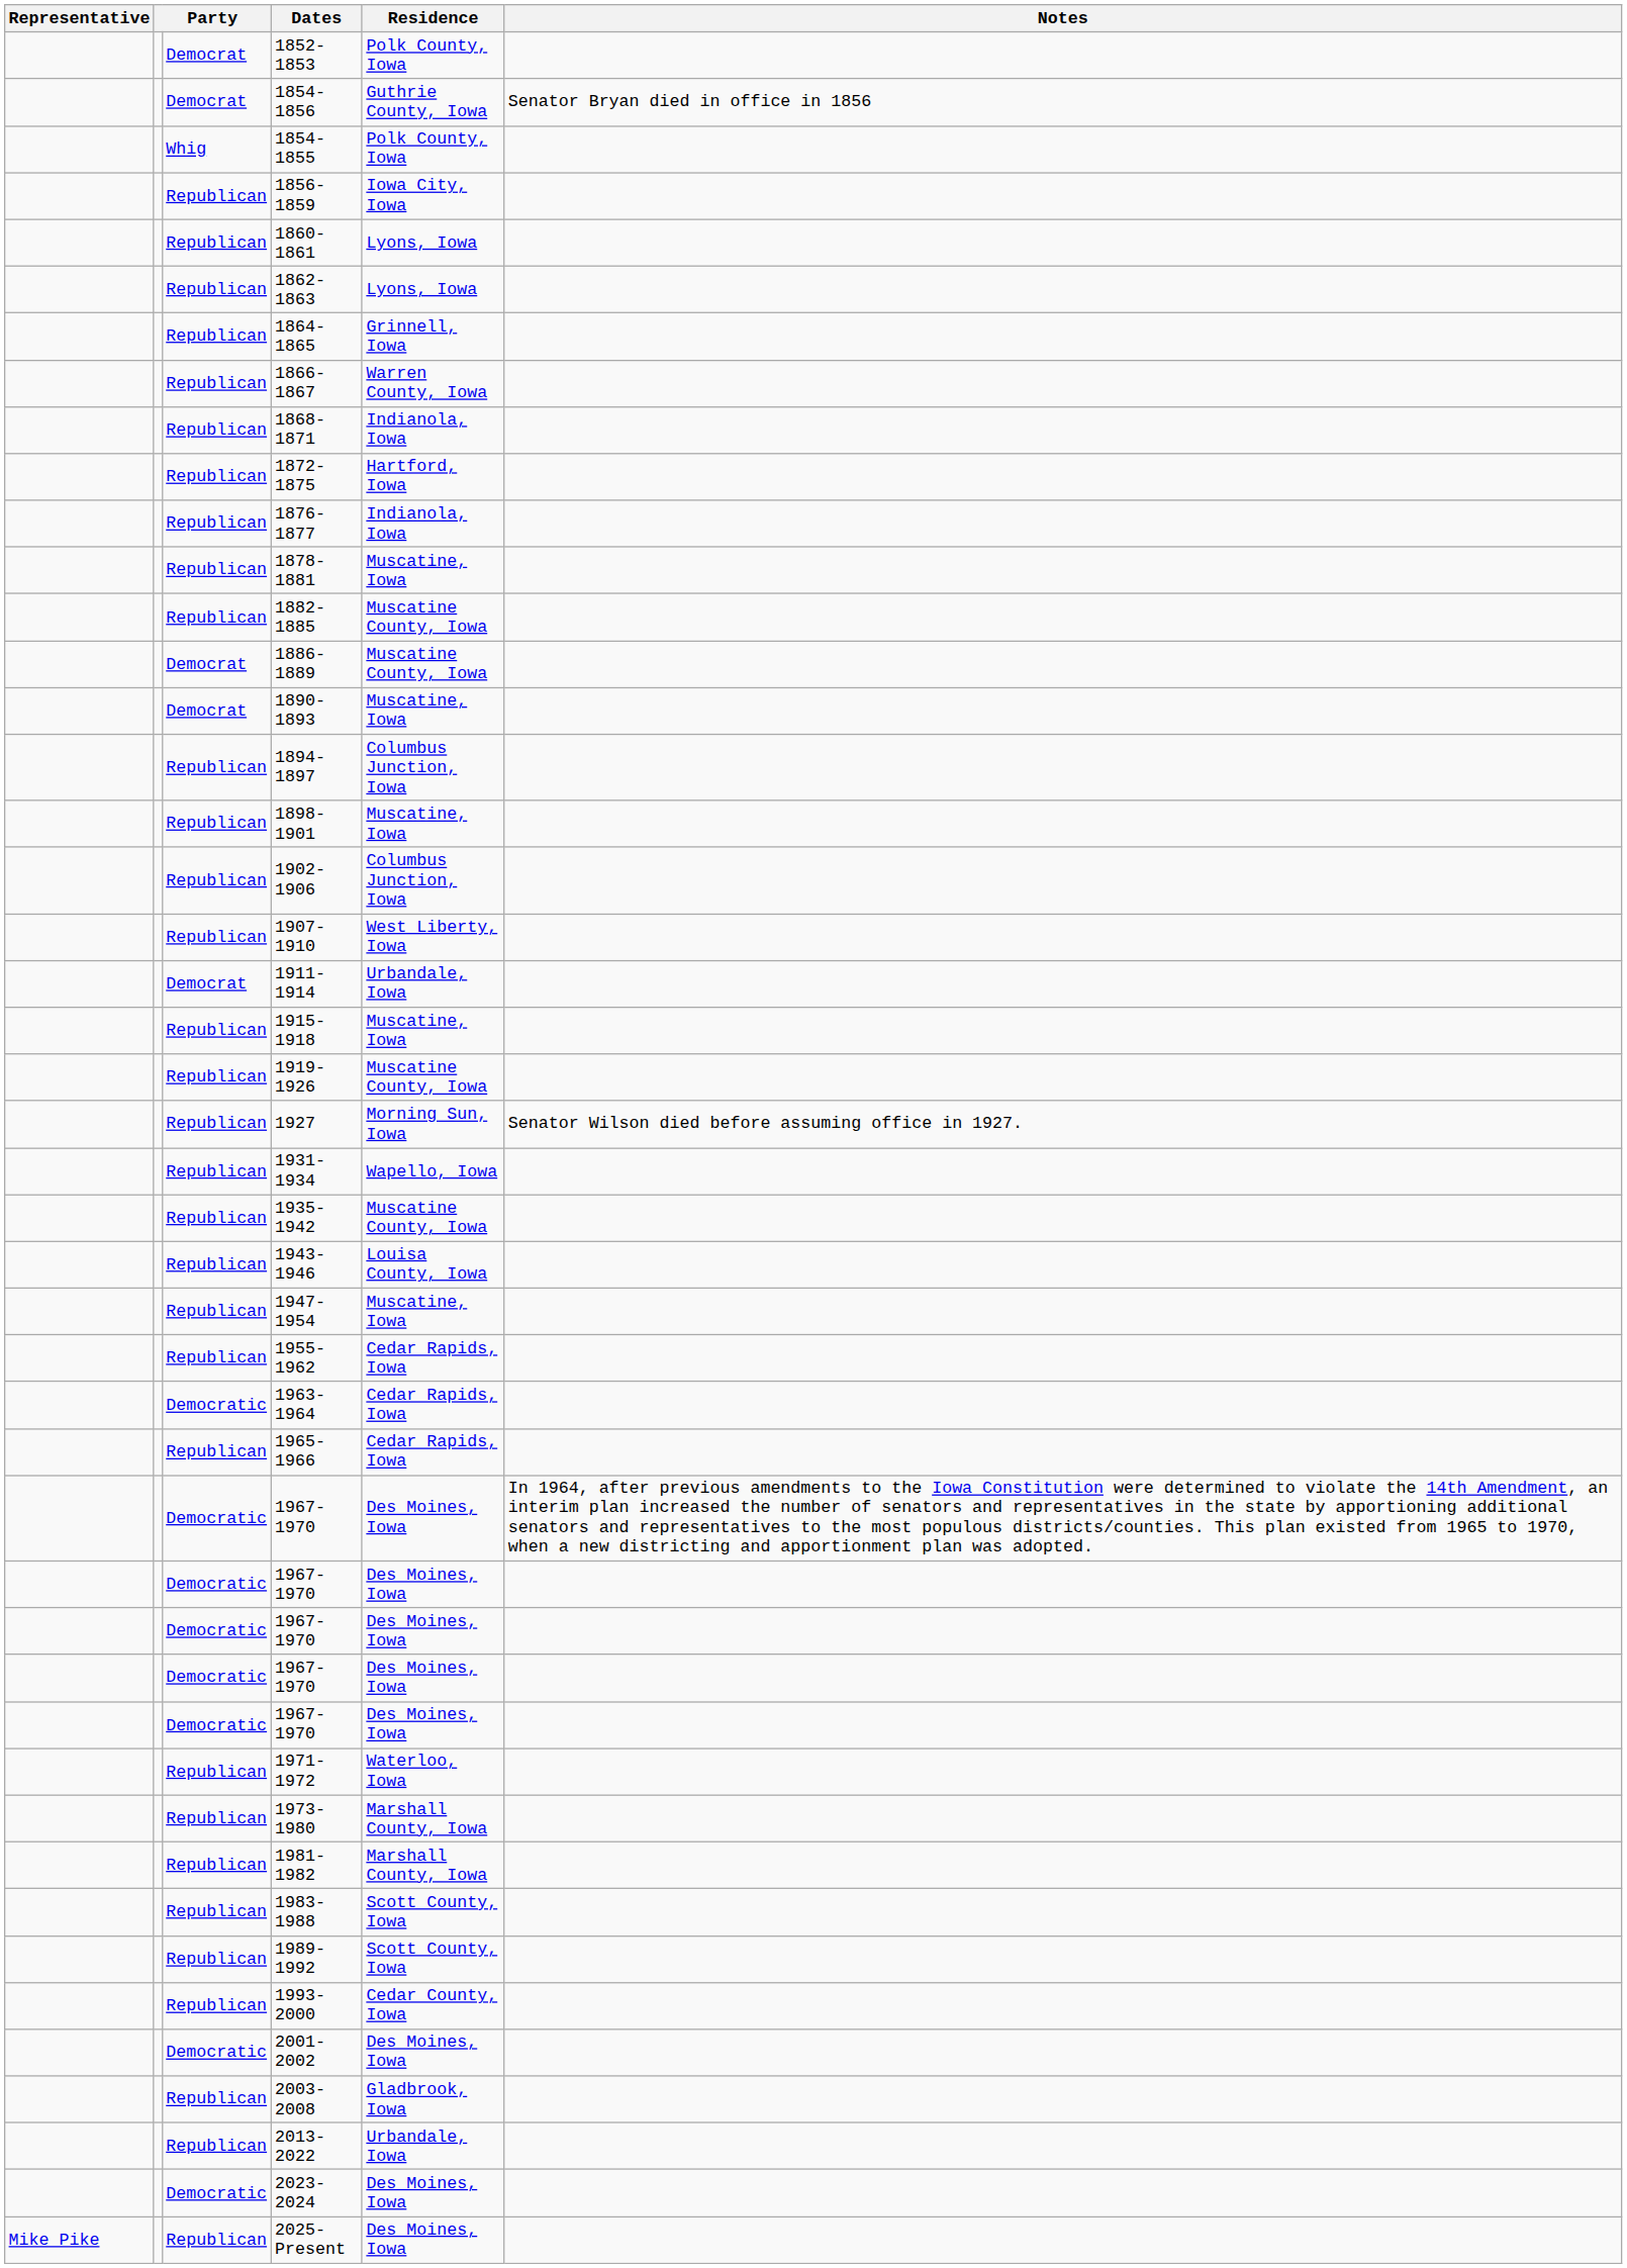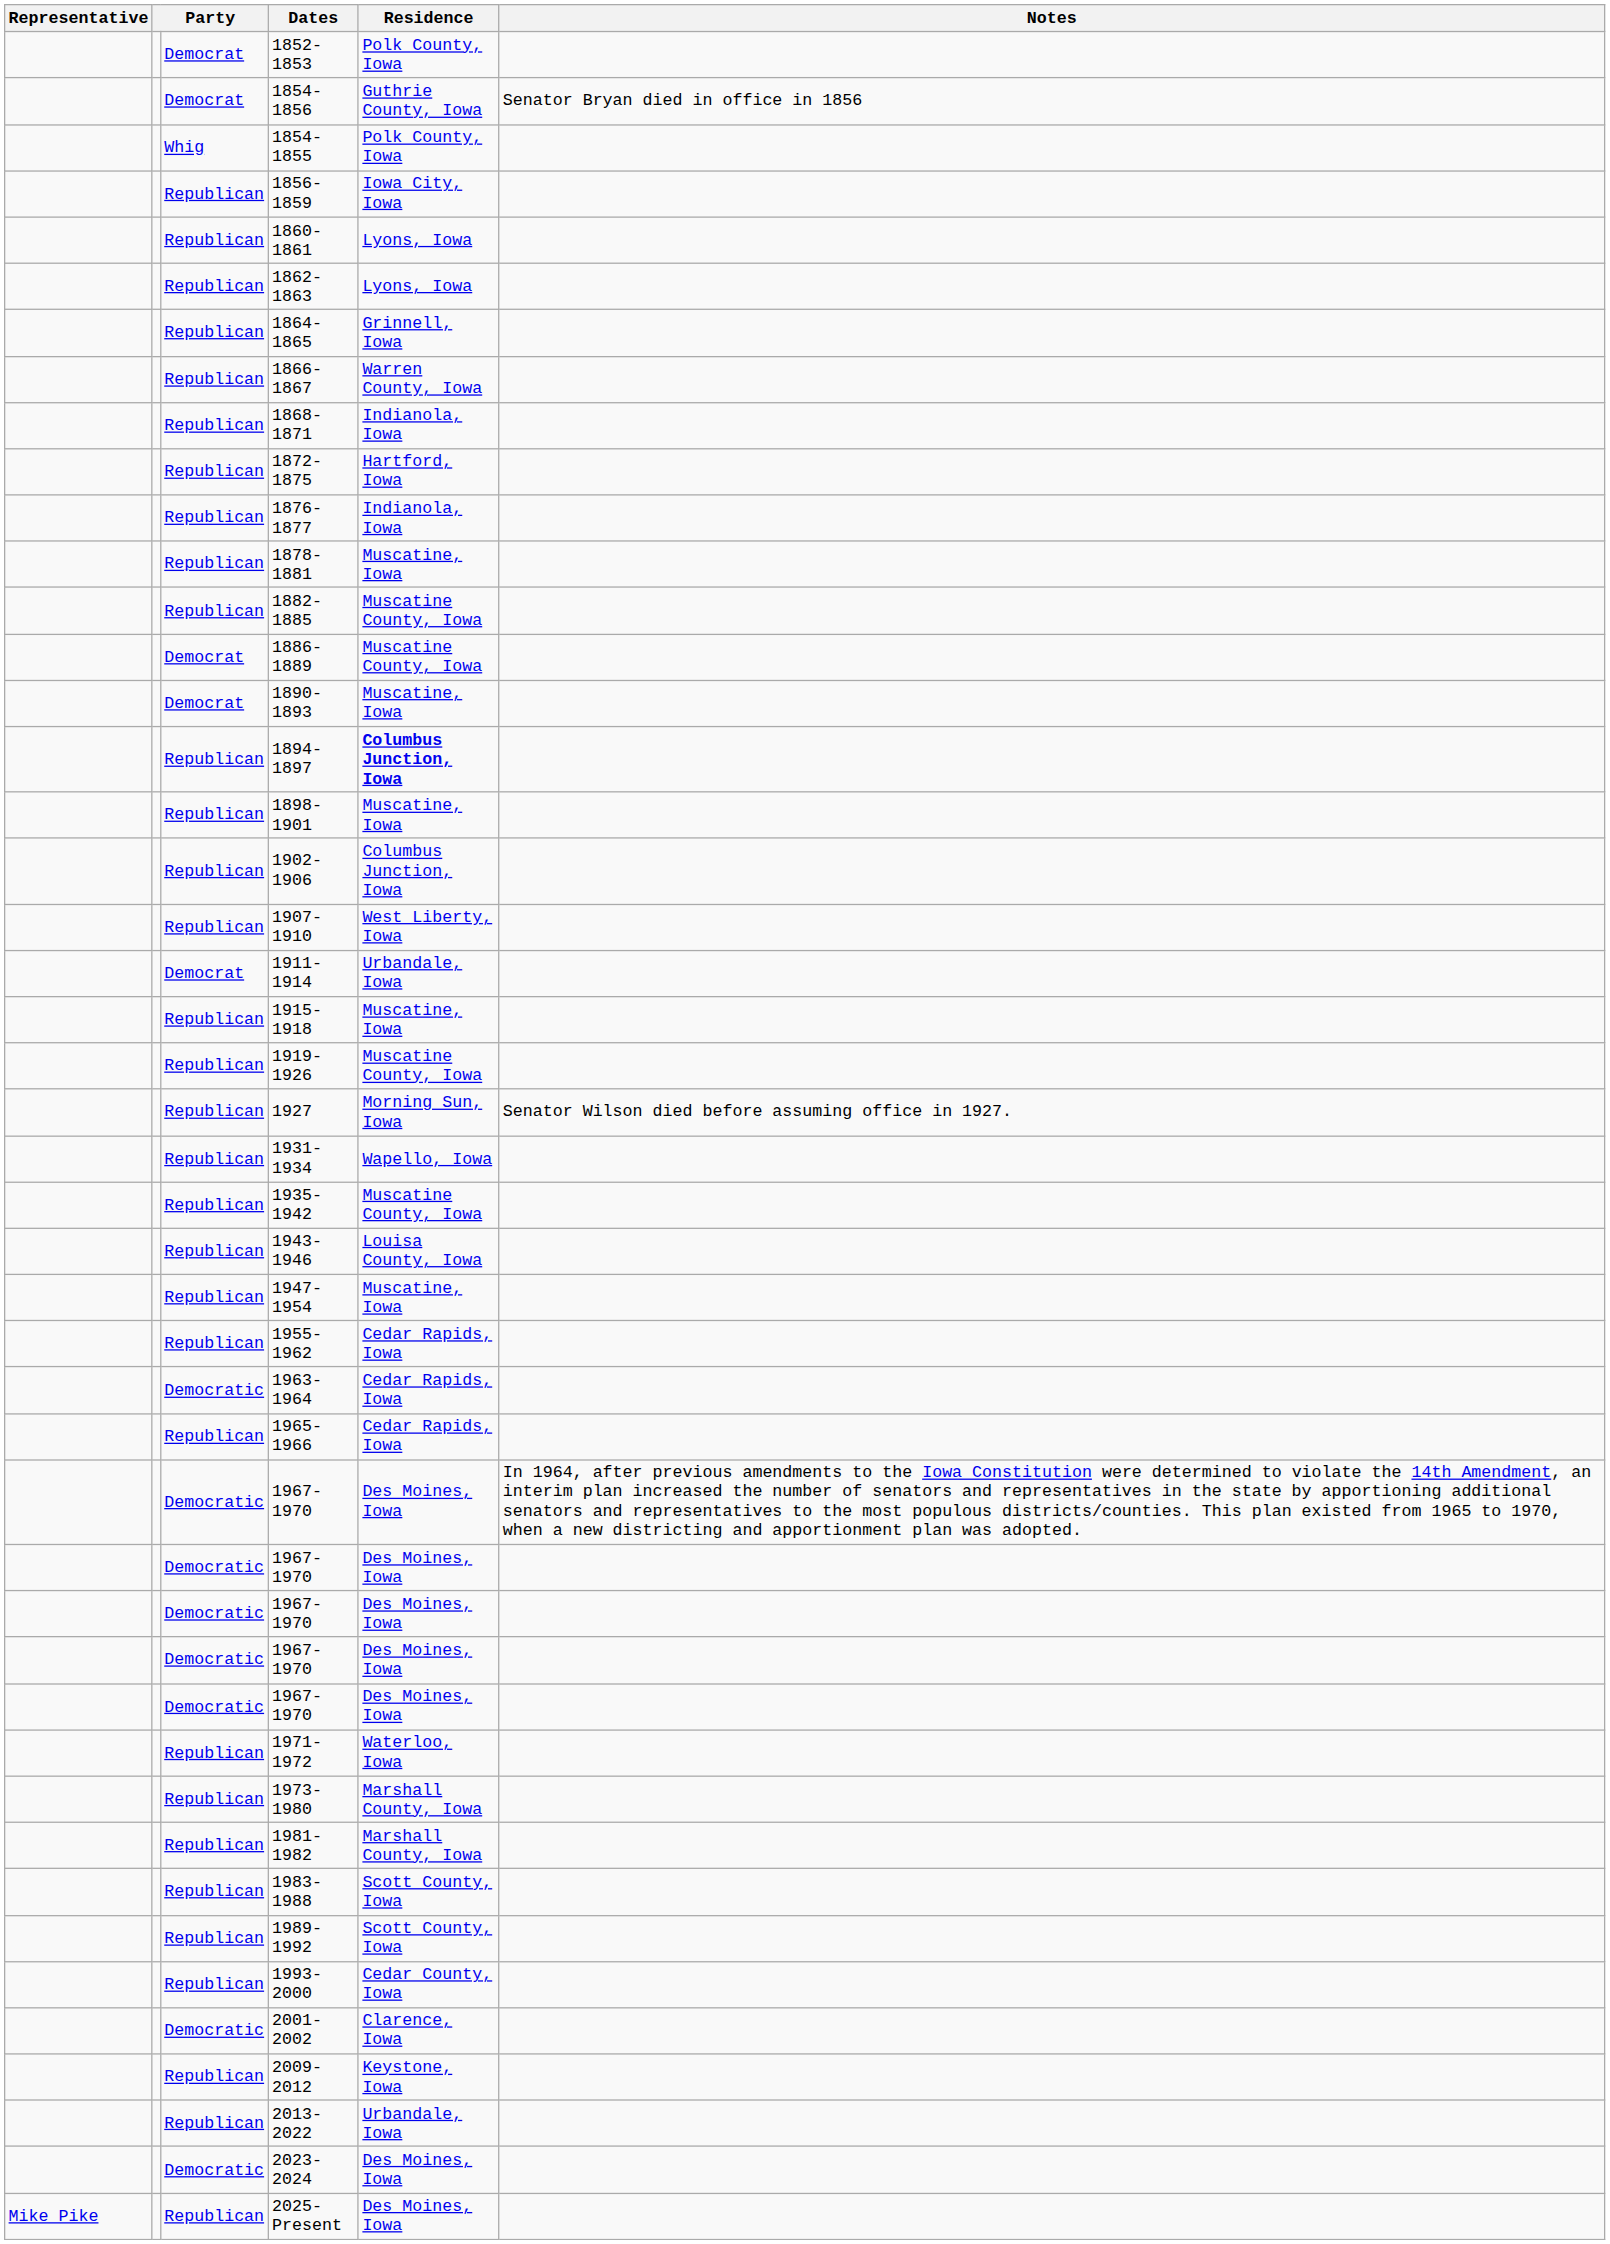 <table class="sortable wikitable">
 <tr valign=bottom>
 <th>Representative</th>
 <th colspan="2">Party</th>
 <th>Dates</th>
 <th>Residence</th>
 <th>Notes</th>
 </tr>
 <tr>
 <td></td>
 <td bgcolor=></td>
 <td><a href='#'>Democrat</a></td>
 <td>1852-1853</td>
 <td><a href='#'>Polk County, Iowa</a></td>
 <td></td>
 </tr>
 <tr>
 <td></td>
 <td bgcolor=></td>
 <td><a href='#'>Democrat</a></td>
 <td>1854-1856</td>
 <td><a href='#'>Guthrie County, Iowa</a></td>
 <td>Senator Bryan died in office in 1856</td>
 </tr>
 <tr>
 <td></td>
 <td bgcolor=></td>
 <td><a href='#'>Whig</a></td>
 <td>1854-1855</td>
 <td><a href='#'>Polk County, Iowa</a></td>
 <td></td>
 </tr>
 <tr>
 <td></td>
 <td bgcolor=></td>
 <td><a href='#'>Republican</a></td>
 <td>1856-1859</td>
 <td><a href='#'>Iowa City, Iowa</a></td>
 <td></td>
 </tr>
 <tr>
 <td></td>
 <td bgcolor=></td>
 <td><a href='#'>Republican</a></td>
 <td>1860-1861</td>
 <td><a href='#'>Lyons, Iowa</a></td>
 <td></td>
 </tr>
 <tr>
 <td></td>
 <td bgcolor=></td>
 <td><a href='#'>Republican</a></td>
 <td>1862-1863</td>
 <td><a href='#'>Lyons, Iowa</a></td>
 <td></td>
 </tr>
 <tr>
 <td></td>
 <td bgcolor=></td>
 <td><a href='#'>Republican</a></td>
 <td>1864-1865</td>
 <td><a href='#'>Grinnell, Iowa</a></td>
 <td></td>
 </tr>
 <tr>
 <td></td>
 <td bgcolor=></td>
 <td><a href='#'>Republican</a></td>
 <td>1866-1867</td>
 <td><a href='#'>Warren County, Iowa</a></td>
 <td></td>
 </tr>
 <tr>
 <td></td>
 <td bgcolor=></td>
 <td><a href='#'>Republican</a></td>
 <td>1868-1871</td>
 <td><a href='#'>Indianola, Iowa</a></td>
 <td></td>
 </tr>
 <tr>
 <td></td>
 <td bgcolor=></td>
 <td><a href='#'>Republican</a></td>
 <td>1872-1875</td>
 <td><a href='#'>Hartford, Iowa</a></td>
 <td></td>
 </tr>
 <tr>
 <td></td>
 <td bgcolor=></td>
 <td><a href='#'>Republican</a></td>
 <td>1876-1877</td>
 <td><a href='#'>Indianola, Iowa</a></td>
 <td></td>
 </tr>
 <tr>
 <td></td>
 <td bgcolor=></td>
 <td><a href='#'>Republican</a></td>
 <td>1878-1881</td>
 <td><a href='#'>Muscatine, Iowa</a></td>
 <td></td>
 </tr>
 <tr>
 <td></td>
 <td bgcolor=></td>
 <td><a href='#'>Republican</a></td>
 <td>1882-1885</td>
 <td><a href='#'>Muscatine County, Iowa</a></td>
 <td></td>
 </tr>
 <tr>
 <td></td>
 <td bgcolor=></td>
 <td><a href='#'>Democrat</a></td>
 <td>1886-1889</td>
 <td><a href='#'>Muscatine County, Iowa</a></td>
 <td></td>
 </tr>
 <tr>
 <td></td>
 <td bgcolor=></td>
 <td><a href='#'>Democrat</a></td>
 <td>1890-1893</td>
 <td><a href='#'>Muscatine, Iowa</a></td>
 <td></td>
 </tr>
 <tr>
 <td></td>
 <td bgcolor=></td>
 <td><a href='#'>Republican</a></td>
 <td>1894-1897</td>
-<td><a href='#'>Columbus Junction, Iowa</a></td>
+<td><strong><a href='#'>Columbus Junction, Iowa</a></strong></td>
 <td></td>
 </tr>
 <tr>
 <td></td>
 <td bgcolor=></td>
 <td><a href='#'>Republican</a></td>
 <td>1898-1901</td>
 <td><a href='#'>Muscatine, Iowa</a></td>
 <td></td>
 </tr>
 <tr>
 <td></td>
 <td bgcolor=></td>
 <td><a href='#'>Republican</a></td>
 <td>1902-1906</td>
 <td><a href='#'>Columbus Junction, Iowa</a></td>
 <td></td>
 </tr>
 <tr>
 <td></td>
 <td bgcolor=></td>
 <td><a href='#'>Republican</a></td>
 <td>1907-1910</td>
 <td><a href='#'>West Liberty, Iowa</a></td>
 <td></td>
 </tr>
 <tr>
 <td></td>
 <td bgcolor=></td>
 <td><a href='#'>Democrat</a></td>
 <td>1911-1914</td>
 <td><a href='#'>Urbandale, Iowa</a></td>
 <td></td>
 </tr>
 <tr>
 <td></td>
 <td bgcolor=></td>
 <td><a href='#'>Republican</a></td>
 <td>1915-1918</td>
 <td><a href='#'>Muscatine, Iowa</a></td>
 <td></td>
 </tr>
 <tr>
 <td></td>
 <td bgcolor=></td>
 <td><a href='#'>Republican</a></td>
 <td>1919-1926</td>
 <td><a href='#'>Muscatine County, Iowa</a></td>
 <td></td>
 </tr>
 <tr>
 <td></td>
 <td bgcolor=></td>
 <td><a href='#'>Republican</a></td>
 <td>1927</td>
 <td><a href='#'>Morning Sun, Iowa</a></td>
 <td>Senator Wilson died before assuming office in 1927.</td>
 </tr>
 <tr>
 <td></td>
 <td bgcolor=></td>
 <td><a href='#'>Republican</a></td>
 <td>1931-1934</td>
 <td><a href='#'>Wapello, Iowa</a></td>
 <td></td>
 </tr>
 <tr>
 <td></td>
 <td bgcolor=></td>
 <td><a href='#'>Republican</a></td>
 <td>1935-1942</td>
 <td><a href='#'>Muscatine County, Iowa</a></td>
 <td></td>
 </tr>
 <tr>
 <td></td>
 <td bgcolor=></td>
 <td><a href='#'>Republican</a></td>
 <td>1943-1946</td>
 <td><a href='#'>Louisa County, Iowa</a></td>
 <td></td>
 </tr>
 <tr>
 <td></td>
 <td bgcolor=></td>
 <td><a href='#'>Republican</a></td>
 <td>1947-1954</td>
 <td><a href='#'>Muscatine, Iowa</a></td>
 <td></td>
 </tr>
 <tr>
 <td></td>
 <td bgcolor=></td>
 <td><a href='#'>Republican</a></td>
 <td>1955-1962</td>
 <td><a href='#'>Cedar Rapids, Iowa</a></td>
 <td></td>
 </tr>
 <tr>
 <td></td>
 <td bgcolor=></td>
 <td><a href='#'>Democratic</a></td>
 <td>1963-1964</td>
 <td><a href='#'>Cedar Rapids, Iowa</a></td>
 <td></td>
 </tr>
 <tr>
 <td></td>
 <td bgcolor=></td>
 <td><a href='#'>Republican</a></td>
 <td>1965-1966</td>
 <td><a href='#'>Cedar Rapids, Iowa</a></td>
 <td></td>
 </tr>
 <tr>
 <td></td>
 <td bgcolor=></td>
 <td><a href='#'>Democratic</a></td>
 <td>1967-1970</td>
 <td><a href='#'>Des Moines, Iowa</a></td>
 <td>In 1964, after previous amendments to the <a href='#'>Iowa Constitution</a> were determined to violate the <a href='#'>14th Amendment</a>, an interim plan increased the number of senators and representatives in the state by apportioning additional senators and representatives to the most populous districts/counties. This plan existed from 1965 to 1970, when a new districting and apportionment plan was adopted.</td>
 </tr>
 <tr>
 <td></td>
 <td bgcolor=></td>
 <td><a href='#'>Democratic</a></td>
 <td>1967-1970</td>
 <td><a href='#'>Des Moines, Iowa</a></td>
 <td></td>
 </tr>
 <tr>
 <td></td>
 <td bgcolor=></td>
 <td><a href='#'>Democratic</a></td>
 <td>1967-1970</td>
 <td><a href='#'>Des Moines, Iowa</a></td>
 <td></td>
 </tr>
 <tr>
 <td></td>
 <td bgcolor=></td>
 <td><a href='#'>Democratic</a></td>
 <td>1967-1970</td>
 <td><a href='#'>Des Moines, Iowa</a></td>
 <td></td>
 </tr>
 <tr>
 <td></td>
 <td bgcolor=></td>
 <td><a href='#'>Democratic</a></td>
 <td>1967-1970</td>
 <td><a href='#'>Des Moines, Iowa</a></td>
 <td></td>
 </tr>
 <tr>
 <td></td>
 <td bgcolor=></td>
 <td><a href='#'>Republican</a></td>
 <td>1971-1972</td>
 <td><a href='#'>Waterloo, Iowa</a></td>
 <td></td>
 </tr>
 <tr>
 <td></td>
 <td bgcolor=></td>
 <td><a href='#'>Republican</a></td>
 <td>1973-1980</td>
 <td><a href='#'>Marshall County, Iowa</a></td>
 <td></td>
 </tr>
 <tr>
 <td></td>
 <td bgcolor=></td>
 <td><a href='#'>Republican</a></td>
 <td>1981-1982</td>
 <td><a href='#'>Marshall County, Iowa</a></td>
 <td></td>
 </tr>
 <tr>
 <td></td>
 <td bgcolor=></td>
 <td><a href='#'>Republican</a></td>
 <td>1983-1988</td>
 <td><a href='#'>Scott County, Iowa</a></td>
 <td></td>
 </tr>
 <tr>
 <td></td>
 <td bgcolor=></td>
 <td><a href='#'>Republican</a></td>
 <td>1989-1992</td>
 <td><a href='#'>Scott County, Iowa</a></td>
 <td></td>
 </tr>
 <tr>
 <td></td>
 <td bgcolor=></td>
 <td><a href='#'>Republican</a></td>
 <td>1993-2000</td>
 <td><a href='#'>Cedar County, Iowa</a></td>
 <td></td>
 </tr>
 <tr>
 <td></td>
 <td bgcolor=></td>
 <td><a href='#'>Democratic</a></td>
 <td>2001-2002</td>
-<td><a href='#'>Des Moines, Iowa</a></td>
+<td><a href='#'>Clarence, Iowa</a></td>
 <td></td>
 </tr>
 <tr>
 <td></td>
 <td bgcolor=></td>
 <td><a href='#'>Republican</a></td>
-<td>2003-2008</td>
-<td><a href='#'>Gladbrook, Iowa</a></td>
+<td>2009-2012</td>
+<td><a href='#'>Keystone, Iowa</a></td>
 <td></td>
 </tr>
 <tr>
 <td></td>
 <td bgcolor=></td>
 <td><a href='#'>Republican</a></td>
 <td>2013-2022</td>
 <td><a href='#'>Urbandale, Iowa</a></td>
 <td></td>
 </tr>
 <tr>
 <td></td>
 <td bgcolor=></td>
 <td><a href='#'>Democratic</a></td>
 <td>2023-2024</td>
 <td><a href='#'>Des Moines, Iowa</a></td>
 <td></td>
 </tr>
 <tr>
 <td><a href='#'>Mike Pike</a></td>
 <td></td>
 <td><a href='#'>Republican</a></td>
 <td>2025-Present</td>
 <td><a href='#'>Des Moines, Iowa</a></td>
 <td></td>
 </tr>
 </table>
